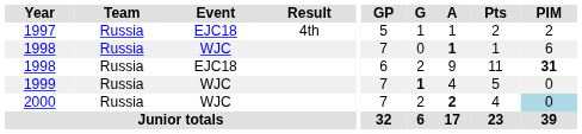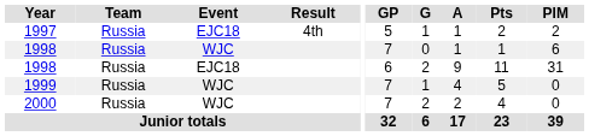 <table border="0" cellpadding="1" cellspacing="0" ID="Table3" style="text-align:center; width:40em">
 <tr ALIGN="center" bgcolor="#e0e0e0">
 <th>Year</th>
 <th>Team</th>
 <th>Event</th>
 <th>Result</th>
 <th rowspan="99" bgcolor="#ffffff"></th>
 <th>GP</th>
 <th>G</th>
 <th>A</th>
 <th>Pts</th>
 <th>PIM</th>
 </tr>
 <tr>
 <td><a href='#'>1997</a></td>
 <td><a href='#'>Russia</a></td>
 <td><a href='#'>EJC18</a></td>
 <td>4th</td>
 <td>5</td>
 <td>1</td>
 <td>1</td>
 <td>2</td>
 <td>2</td>
 </tr>
 <tr bgcolor="#f0f0f0">
 <td><a href='#'>1998</a></td>
 <td><a href='#'>Russia</a></td>
 <td><a href='#'>WJC</a></td>
 <td></td>
 <td>7</td>
 <td>0</td>
-<td><strong>1</strong></td>
+<td>1</td>
 <td>1</td>
 <td>6</td>
 </tr>
 <tr>
 <td><a href='#'>1998</a></td>
 <td>Russia</td>
 <td>EJC18</td>
 <td></td>
 <td>6</td>
 <td>2</td>
 <td>9</td>
 <td>11</td>
-<td><strong>31</strong></td>
+<td>31</td>
 </tr>
 <tr bgcolor="#f0f0f0">
 <td><a href='#'>1999</a></td>
 <td>Russia</td>
 <td>WJC</td>
 <td></td>
 <td>7</td>
-<td><strong>1</strong></td>
+<td>1</td>
 <td>4</td>
 <td>5</td>
 <td>0</td>
 </tr>
 <tr>
 <td><a href='#'>2000</a></td>
 <td>Russia</td>
 <td>WJC</td>
 <td></td>
 <td>7</td>
 <td>2</td>
-<td><strong>2</strong></td>
+<td>2</td>
 <td>4</td>
-<td style="background: lightblue;">0</td>
+<td>0</td>
 </tr>
 <tr bgcolor="#e0e0e0">
 <th colspan="4">Junior totals</th>
 <th>32</th>
 <th>6</th>
 <th>17</th>
 <th>23</th>
 <th>39</th>
 </tr>
 </table>
